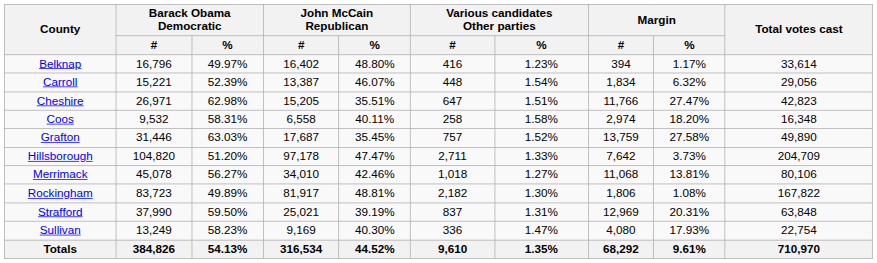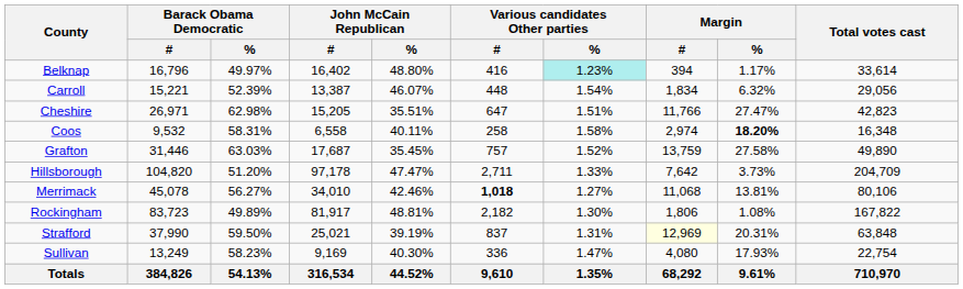 <table width="60%"  class="wikitable sortable" style="text-align:center">
 <tr>
 <th style="text-align:center;" rowspan="2">County</th>
 <th style="text-align:center;" colspan="2">Barack Obama<br>Democratic</th>
 <th style="text-align:center;" colspan="2">John McCain<br>Republican</th>
 <th style="text-align:center;" colspan="2">Various candidates<br>Other parties</th>
 <th style="text-align:center;" colspan="2">Margin</th>
 <th style="text-align:center;" rowspan="2">Total votes cast</th>
 </tr>
 <tr>
 <th style="text-align:center;" data-sort-type="number">#</th>
 <th style="text-align:center;" data-sort-type="number">%</th>
 <th style="text-align:center;" data-sort-type="number">#</th>
 <th style="text-align:center;" data-sort-type="number">%</th>
 <th style="text-align:center;" data-sort-type="number">#</th>
 <th style="text-align:center;" data-sort-type="number">%</th>
 <th style="text-align:center;" data-sort-type="number">#</th>
 <th style="text-align:center;" data-sort-type="number">%</th>
 </tr>
 <tr style="text-align:center;">
 <td><a href='#'>Belknap</a></td>
 <td>16,796</td>
 <td>49.97%</td>
 <td>16,402</td>
 <td>48.80%</td>
 <td>416</td>
-<td>1.23%</td>
+<td style="background: paleturquoise;">1.23%</td>
 <td>394</td>
 <td>1.17%</td>
 <td>33,614</td>
 </tr>
 <tr style="text-align:center;">
 <td><a href='#'>Carroll</a></td>
 <td>15,221</td>
 <td>52.39%</td>
 <td>13,387</td>
 <td>46.07%</td>
 <td>448</td>
 <td>1.54%</td>
 <td>1,834</td>
 <td>6.32%</td>
 <td>29,056</td>
 </tr>
 <tr style="text-align:center;">
 <td><a href='#'>Cheshire</a></td>
 <td>26,971</td>
 <td>62.98%</td>
 <td>15,205</td>
 <td>35.51%</td>
 <td>647</td>
 <td>1.51%</td>
 <td>11,766</td>
 <td>27.47%</td>
 <td>42,823</td>
 </tr>
 <tr style="text-align:center;">
 <td><a href='#'>Coos</a></td>
 <td>9,532</td>
 <td>58.31%</td>
 <td>6,558</td>
 <td>40.11%</td>
 <td>258</td>
 <td>1.58%</td>
 <td>2,974</td>
-<td>18.20%</td>
+<td><strong>18.20%</strong></td>
 <td>16,348</td>
 </tr>
 <tr style="text-align:center;">
 <td><a href='#'>Grafton</a></td>
 <td>31,446</td>
 <td>63.03%</td>
 <td>17,687</td>
 <td>35.45%</td>
 <td>757</td>
 <td>1.52%</td>
 <td>13,759</td>
 <td>27.58%</td>
 <td>49,890</td>
 </tr>
 <tr style="text-align:center;">
 <td><a href='#'>Hillsborough</a></td>
 <td>104,820</td>
 <td>51.20%</td>
 <td>97,178</td>
 <td>47.47%</td>
 <td>2,711</td>
 <td>1.33%</td>
 <td>7,642</td>
 <td>3.73%</td>
 <td>204,709</td>
 </tr>
 <tr style="text-align:center;">
 <td><a href='#'>Merrimack</a></td>
 <td>45,078</td>
 <td>56.27%</td>
 <td>34,010</td>
 <td>42.46%</td>
-<td>1,018</td>
+<td><strong>1,018</strong></td>
 <td>1.27%</td>
 <td>11,068</td>
 <td>13.81%</td>
 <td>80,106</td>
 </tr>
 <tr style="text-align:center;">
 <td><a href='#'>Rockingham</a></td>
 <td>83,723</td>
 <td>49.89%</td>
 <td>81,917</td>
 <td>48.81%</td>
 <td>2,182</td>
 <td>1.30%</td>
 <td>1,806</td>
 <td>1.08%</td>
 <td>167,822</td>
 </tr>
 <tr style="text-align:center;">
 <td><a href='#'>Strafford</a></td>
 <td>37,990</td>
 <td>59.50%</td>
 <td>25,021</td>
 <td>39.19%</td>
 <td>837</td>
 <td>1.31%</td>
-<td>12,969</td>
+<td style="background: lightyellow;">12,969</td>
 <td>20.31%</td>
 <td>63,848</td>
 </tr>
 <tr style="text-align:center;">
 <td><a href='#'>Sullivan</a></td>
 <td>13,249</td>
 <td>58.23%</td>
 <td>9,169</td>
 <td>40.30%</td>
 <td>336</td>
 <td>1.47%</td>
 <td>4,080</td>
 <td>17.93%</td>
 <td>22,754</td>
 </tr>
 <tr>
 <th>Totals</th>
 <th>384,826</th>
 <th>54.13%</th>
 <th>316,534</th>
 <th>44.52%</th>
 <th>9,610</th>
 <th>1.35%</th>
 <th>68,292</th>
 <th>9.61%</th>
 <th>710,970</th>
 </tr>
 </table>
